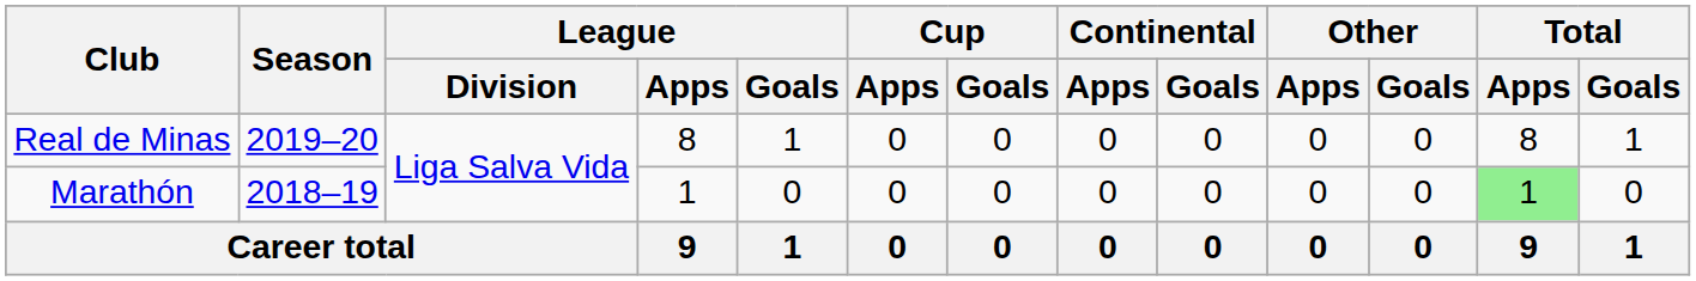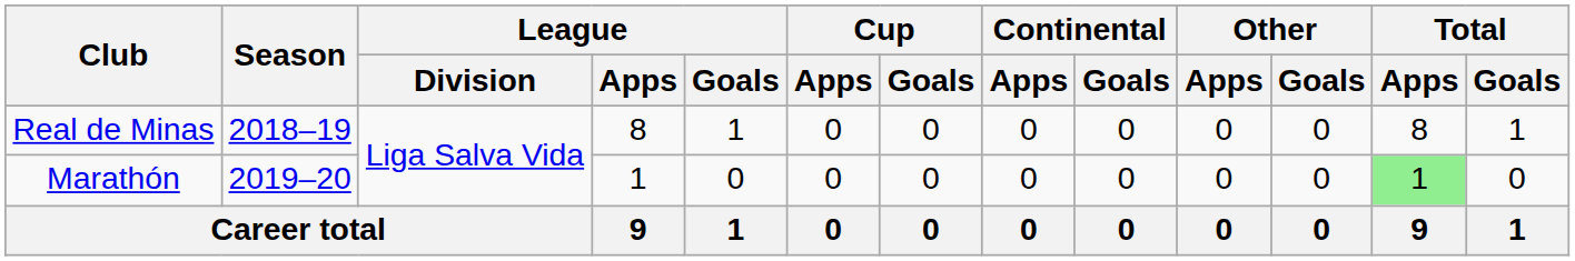 <table class="wikitable" style="text-align: center">
 <tr>
 <th rowspan="2">Club</th>
 <th rowspan="2">Season</th>
 <th colspan="3">League</th>
 <th colspan="2">Cup</th>
 <th colspan="2">Continental</th>
 <th colspan="2">Other</th>
 <th colspan="2">Total</th>
 </tr>
 <tr>
 <th>Division</th>
 <th>Apps</th>
 <th>Goals</th>
 <th>Apps</th>
 <th>Goals</th>
 <th>Apps</th>
 <th>Goals</th>
 <th>Apps</th>
 <th>Goals</th>
 <th>Apps</th>
 <th>Goals</th>
 </tr>
 <tr>
 <td><a href='#'>Real de Minas</a></td>
-<td><a href='#'>2019–20</a></td>
+<td><a href='#'>2018–19</a></td>
 <td rowspan="2"><a href='#'>Liga Salva Vida</a></td>
 <td>8</td>
 <td>1</td>
 <td>0</td>
 <td>0</td>
 <td>0</td>
 <td>0</td>
 <td>0</td>
 <td>0</td>
 <td>8</td>
 <td>1</td>
 </tr>
 <tr>
 <td><a href='#'>Marathón</a></td>
-<td><a href='#'>2018–19</a></td>
+<td><a href='#'>2019–20</a></td>
 <td>1</td>
 <td>0</td>
 <td>0</td>
 <td>0</td>
 <td>0</td>
 <td>0</td>
 <td>0</td>
 <td>0</td>
 <td style="background: lightgreen;">1</td>
 <td>0</td>
 </tr>
 <tr>
 <th colspan="3"><strong>Career total</strong></th>
 <th>9</th>
 <th>1</th>
 <th>0</th>
 <th>0</th>
 <th>0</th>
 <th>0</th>
 <th>0</th>
 <th>0</th>
 <th>9</th>
 <th>1</th>
 </tr>
 </table>
